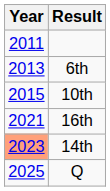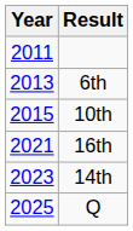 <table class="wikitable" style="text-align:center">
 <tr>
 <th>Year</th>
 <th>Result</th>
 </tr>
 <tr>
 <td><a href='#'>2011</a></td>
 <td></td>
 </tr>
 <tr>
 <td><a href='#'>2013</a></td>
 <td>6th</td>
 </tr>
 <tr>
 <td><a href='#'>2015</a></td>
 <td>10th</td>
 </tr>
 <tr>
 <td><a href='#'>2021</a></td>
 <td>16th</td>
 </tr>
 <tr>
-<td style="background: lightsalmon;"><a href='#'>2023</a></td>
+<td><a href='#'>2023</a></td>
 <td>14th</td>
 </tr>
 <tr>
 <td><a href='#'>2025</a></td>
 <td>Q</td>
 </tr>
 </table>
